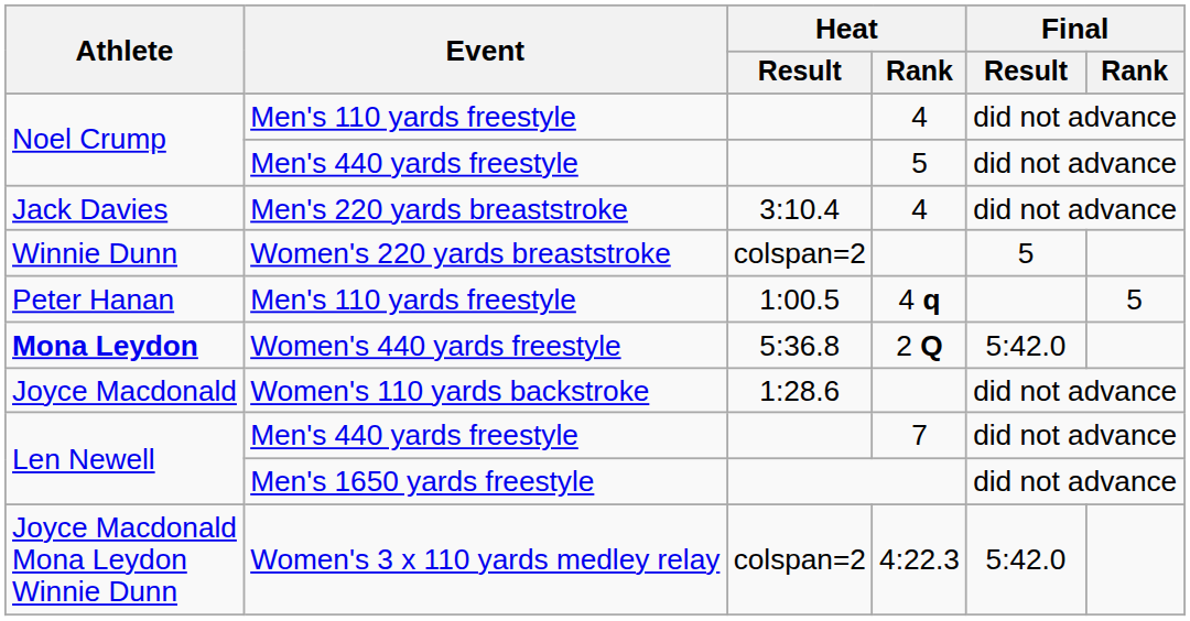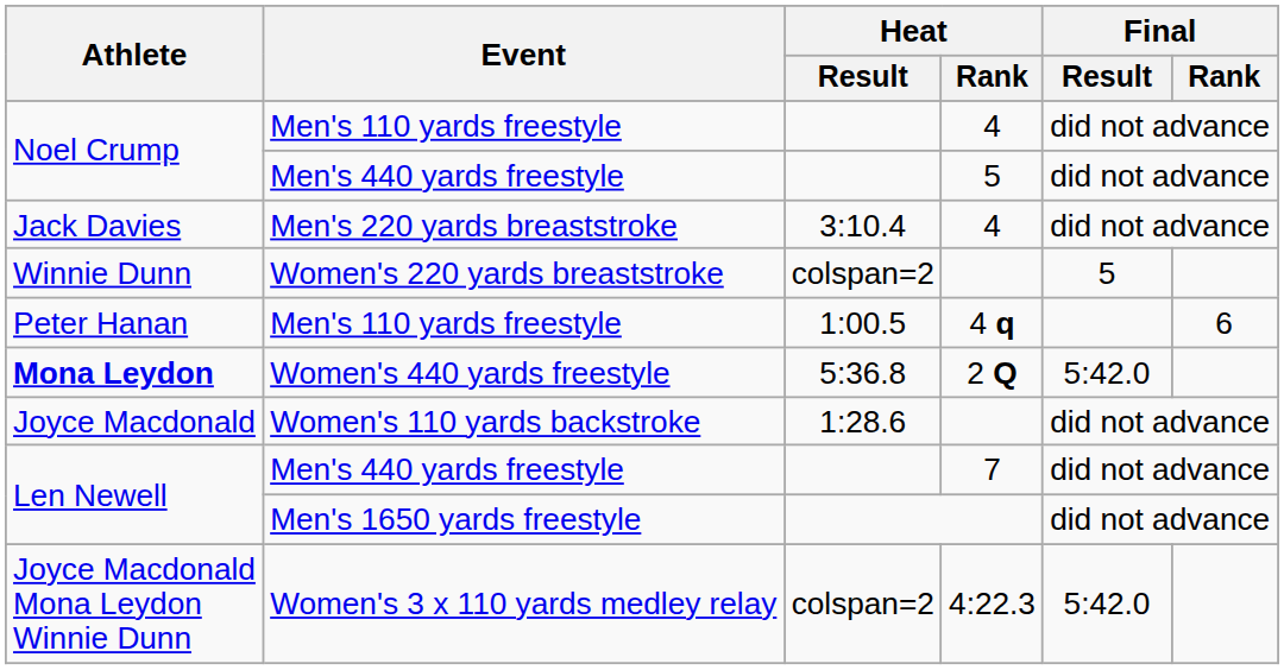 <table class=wikitable style=font-size:90%>
 <tr>
 <th rowspan=2>Athlete</th>
 <th rowspan=2>Event</th>
 <th colspan=2>Heat</th>
 <th colspan=2>Final</th>
 </tr>
 <tr style=font-size:95%>
 <th>Result</th>
 <th>Rank</th>
 <th>Result</th>
 <th>Rank</th>
 </tr>
 <tr align=center>
 <td align=left rowspan=2><a href='#'>Noel Crump</a></td>
 <td align=left><a href='#'>Men's 110 yards freestyle</a></td>
 <td></td>
 <td>4</td>
 <td colspan=2>did not advance</td>
 </tr>
 <tr align=center>
 <td align=left><a href='#'>Men's 440 yards freestyle</a></td>
 <td></td>
 <td>5</td>
 <td colspan=2>did not advance</td>
 </tr>
 <tr align=center>
 <td align=left><a href='#'>Jack Davies</a></td>
 <td align=left><a href='#'>Men's 220 yards breaststroke</a></td>
 <td>3:10.4</td>
 <td>4</td>
 <td colspan=2>did not advance</td>
 </tr>
 <tr align=center>
 <td align=left><a href='#'>Winnie Dunn</a></td>
 <td align=left><a href='#'>Women's 220 yards breaststroke</a></td>
 <td>colspan=2 </td>
 <td></td>
 <td>5</td>
 </tr>
 <tr align=center>
 <td align=left><a href='#'>Peter Hanan</a></td>
 <td align=left><a href='#'>Men's 110 yards freestyle</a></td>
 <td>1:00.5</td>
 <td>4 <strong>q</strong></td>
 <td></td>
-<td>5</td>
+<td>6</td>
 </tr>
 <tr align=center>
 <td align=left><strong><a href='#'>Mona Leydon</a></strong></td>
 <td align=left><a href='#'>Women's 440 yards freestyle</a></td>
 <td>5:36.8</td>
 <td>2 <strong>Q</strong></td>
 <td>5:42.0</td>
 <td></td>
 </tr>
 <tr align=center>
 <td align=left><a href='#'>Joyce Macdonald</a></td>
 <td align=left><a href='#'>Women's 110 yards backstroke</a></td>
 <td>1:28.6</td>
 <td></td>
 <td colspan=2>did not advance</td>
 </tr>
 <tr align=center>
 <td align=left rowspan=2><a href='#'>Len Newell</a></td>
 <td align=left><a href='#'>Men's 440 yards freestyle</a></td>
 <td></td>
 <td>7</td>
 <td colspan=2>did not advance</td>
 </tr>
 <tr align=center>
 <td align=left><a href='#'>Men's 1650 yards freestyle</a></td>
 <td colspan=2></td>
 <td colspan=2>did not advance</td>
 </tr>
 <tr align=center>
 <td align=left><a href='#'>Joyce Macdonald</a><br><a href='#'>Mona Leydon</a><br><a href='#'>Winnie Dunn</a></td>
 <td align=left><a href='#'>Women's 3 x 110 yards medley relay</a></td>
 <td>colspan=2 </td>
 <td>4:22.3</td>
 <td>5:42.0</td>
 </tr>
 </table>
